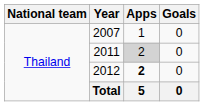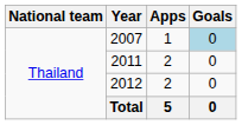 <table class="wikitable" style="text-align:center">
 <tr>
 <th>National team</th>
 <th>Year</th>
 <th>Apps</th>
 <th>Goals</th>
 </tr>
 <tr>
 <td rowspan="9" valign="center"><a href='#'>Thailand</a></td>
 <td>2007</td>
 <td>1</td>
-<td>0</td>
+<td style="background: lightblue;">0</td>
 </tr>
 <tr>
 <td>2011</td>
-<td style="background: lightgrey;">2</td>
+<td>2</td>
 <td>0</td>
 </tr>
 <tr>
 <td>2012</td>
-<td><strong>2</strong></td>
+<td>2</td>
 <td>0</td>
 </tr>
 <tr>
 <th>Total</th>
 <th>5</th>
 <th>0</th>
 </tr>
 </table>
